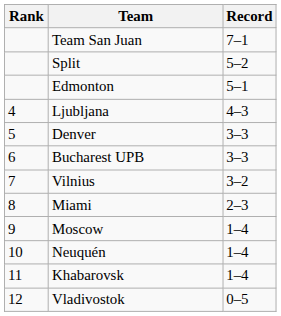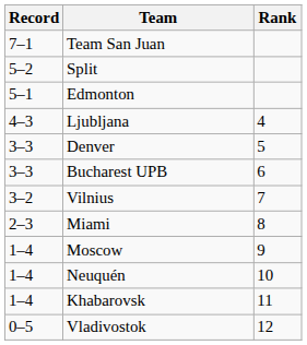 <table class="wikitable">
 <tr>
+<th style="text-align: center; width=60">Record</th>
+<th width=180>Team</th>
 <th width=40>Rank</th>
-<th width=180>Team</th>
-<th style="text-align: center; width=60">Record</th>
 </tr>
 <tr bgcolor=>
+<td>7–1</td>
+<td> Team San Juan</td>
 <td></td>
-<td> Team San Juan</td>
-<td>7–1</td>
 </tr>
 <tr bgcolor=>
+<td>5–2</td>
+<td> Split</td>
 <td></td>
-<td> Split</td>
-<td>5–2</td>
 </tr>
 <tr bgcolor=>
+<td>5–1</td>
+<td> Edmonton</td>
 <td></td>
-<td> Edmonton</td>
-<td>5–1</td>
 </tr>
 <tr>
+<td>4–3</td>
+<td> Ljubljana</td>
 <td>4</td>
-<td> Ljubljana</td>
-<td>4–3</td>
 </tr>
 <tr>
+<td>3–3</td>
+<td> Denver</td>
 <td>5</td>
-<td> Denver</td>
-<td>3–3</td>
 </tr>
 <tr>
+<td>3–3</td>
+<td> Bucharest UPB</td>
 <td>6</td>
-<td> Bucharest UPB</td>
-<td>3–3</td>
 </tr>
 <tr>
+<td>3–2</td>
+<td> Vilnius</td>
 <td>7</td>
-<td> Vilnius</td>
-<td>3–2</td>
 </tr>
 <tr>
+<td>2–3</td>
+<td> Miami</td>
 <td>8</td>
-<td> Miami</td>
-<td>2–3</td>
 </tr>
 <tr>
+<td>1–4</td>
+<td> Moscow</td>
 <td>9</td>
-<td> Moscow</td>
-<td>1–4</td>
 </tr>
 <tr>
+<td>1–4</td>
+<td> Neuquén</td>
 <td>10</td>
-<td> Neuquén</td>
-<td>1–4</td>
 </tr>
 <tr>
+<td>1–4</td>
+<td> Khabarovsk</td>
 <td>11</td>
-<td> Khabarovsk</td>
-<td>1–4</td>
 </tr>
 <tr>
+<td>0–5</td>
+<td> Vladivostok</td>
 <td>12</td>
-<td> Vladivostok</td>
-<td>0–5</td>
 </tr>
 </table>
